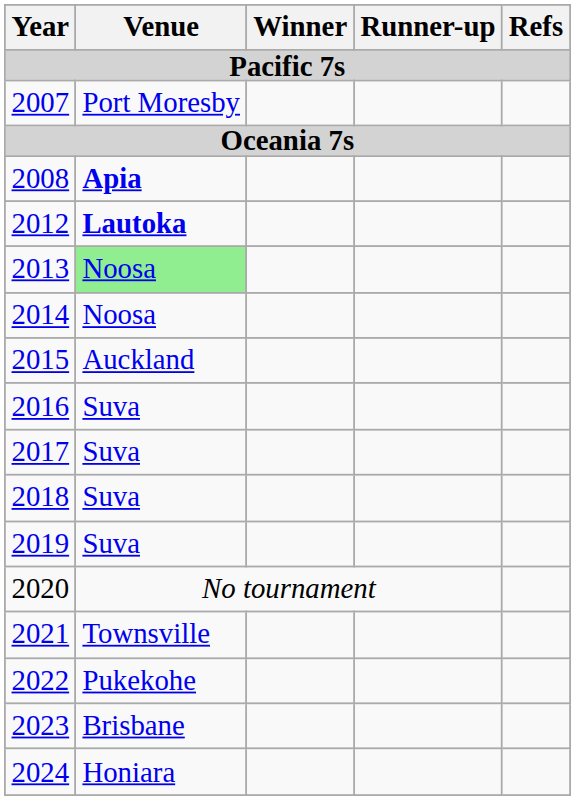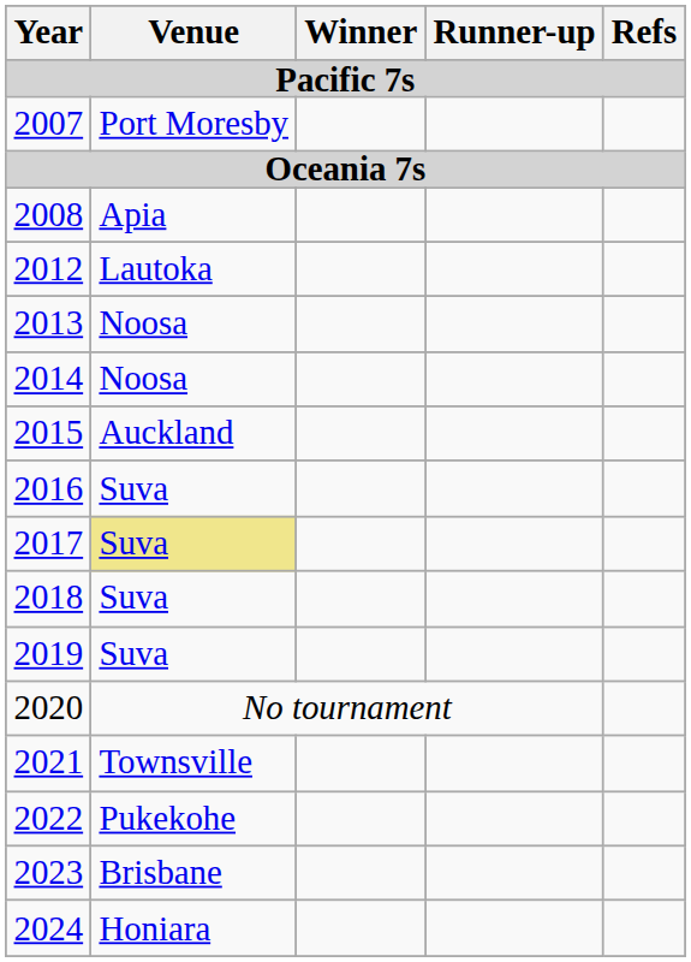 <table class="wikitable" style="text-align: center;">
 <tr>
 <th>Year</th>
 <th>Venue</th>
 <th>Winner</th>
 <th>Runner-up</th>
 <th>Refs</th>
 </tr>
 <tr bgcolor=lightgrey>
 <td colspan=5 align=center style="line-height:9px;"><span><strong>Pacific 7s</strong></span></td>
 </tr>
 <tr>
 <td><a href='#'>2007</a></td>
 <td align=left> <a href='#'>Port Moresby</a></td>
 <td align=left></td>
 <td align=left></td>
 <td></td>
 </tr>
 <tr bgcolor=lightgrey>
 <td colspan=5 align=center style="line-height:9px;"><span><strong>Oceania 7s</strong></span></td>
 </tr>
 <tr>
 <td><a href='#'>2008</a></td>
-<td align=left><strong> <a href='#'>Apia</a></strong></td>
+<td align=left> <a href='#'>Apia</a></td>
 <td align=left></td>
 <td align=left></td>
 <td></td>
 </tr>
 <tr>
 <td><a href='#'>2012</a></td>
-<td align=left><strong> <a href='#'>Lautoka</a></strong></td>
+<td align=left> <a href='#'>Lautoka</a></td>
 <td align=left></td>
 <td align=left></td>
 <td></td>
 </tr>
 <tr>
 <td><a href='#'>2013</a></td>
-<td align=left style="background: lightgreen;"> <a href='#'>Noosa</a></td>
+<td align=left> <a href='#'>Noosa</a></td>
 <td align=left></td>
 <td align=left></td>
 <td></td>
 </tr>
 <tr>
 <td><a href='#'>2014</a></td>
 <td align=left> <a href='#'>Noosa</a></td>
 <td align=left></td>
 <td align=left></td>
 <td></td>
 </tr>
 <tr>
 <td><a href='#'>2015</a></td>
 <td align=left> <a href='#'>Auckland</a></td>
 <td align=left></td>
 <td align=left></td>
 <td></td>
 </tr>
 <tr>
 <td><a href='#'>2016</a></td>
 <td align=left> <a href='#'>Suva</a></td>
 <td align=left></td>
 <td align=left></td>
 <td></td>
 </tr>
 <tr>
 <td><a href='#'>2017</a></td>
-<td align=left> <a href='#'>Suva</a></td>
+<td align=left style="background: khaki;"> <a href='#'>Suva</a></td>
 <td align=left></td>
 <td align=left></td>
 <td align=center></td>
 </tr>
 <tr>
 <td><a href='#'>2018</a></td>
 <td align=left> <a href='#'>Suva</a></td>
 <td align=left></td>
 <td align=left></td>
 <td></td>
 </tr>
 <tr>
 <td><a href='#'>2019</a></td>
 <td align=left> <a href='#'>Suva</a></td>
 <td align=left></td>
 <td align=left></td>
 <td></td>
 </tr>
 <tr>
 <td>2020</td>
 <td colspan="3"><em>No tournament</em></td>
 <td></td>
 </tr>
 <tr>
 <td><a href='#'>2021</a></td>
 <td align=left> <a href='#'>Townsville</a></td>
 <td align=left></td>
 <td align=left></td>
 <td></td>
 </tr>
 <tr>
 <td><a href='#'>2022</a></td>
 <td align=left> <a href='#'>Pukekohe</a></td>
 <td align=left></td>
 <td align=left></td>
 <td></td>
 </tr>
 <tr>
 <td><a href='#'>2023</a></td>
 <td align=left> <a href='#'>Brisbane</a></td>
 <td align=left></td>
 <td align=left></td>
 <td></td>
 </tr>
 <tr>
 <td><a href='#'>2024</a></td>
 <td align=left> <a href='#'>Honiara</a></td>
 <td align=left></td>
 <td align=left></td>
 <td></td>
 </tr>
 </table>
